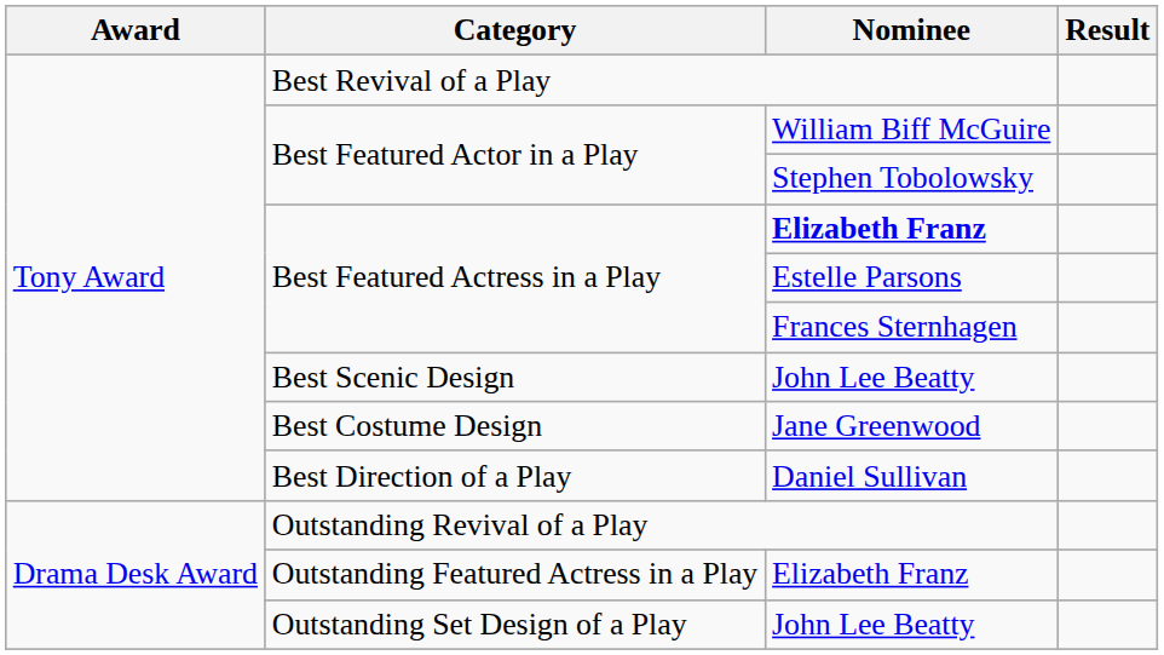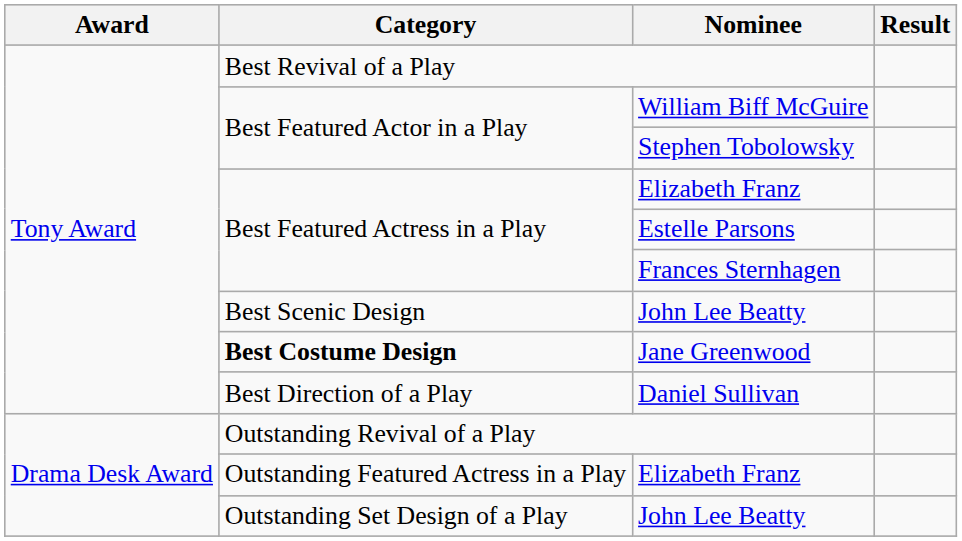 <table class=wikitable>
 <tr>
 <th scope=col>Award</th>
 <th scope=col>Category</th>
 <th scope=col>Nominee</th>
 <th scope=col>Result</th>
 </tr>
 <tr>
 <td rowspan=9><a href='#'>Tony Award</a></td>
 <td colspan=2>Best Revival of a Play</td>
 <td></td>
 </tr>
 <tr>
 <td rowspan=2>Best Featured Actor in a Play</td>
 <td><a href='#'>William Biff McGuire</a></td>
 <td></td>
 </tr>
 <tr>
 <td><a href='#'>Stephen Tobolowsky</a></td>
 <td></td>
 </tr>
 <tr>
 <td rowspan=3>Best Featured Actress in a Play</td>
-<td><strong><a href='#'>Elizabeth Franz</a></strong></td>
+<td><a href='#'>Elizabeth Franz</a></td>
 <td></td>
 </tr>
 <tr>
 <td><a href='#'>Estelle Parsons</a></td>
 <td></td>
 </tr>
 <tr>
 <td><a href='#'>Frances Sternhagen</a></td>
 <td></td>
 </tr>
 <tr>
 <td>Best Scenic Design</td>
 <td><a href='#'>John Lee Beatty</a></td>
 <td></td>
 </tr>
 <tr>
-<td>Best Costume Design</td>
+<td><strong>Best Costume Design</strong></td>
 <td><a href='#'>Jane Greenwood</a></td>
 <td></td>
 </tr>
 <tr>
 <td>Best Direction of a Play</td>
 <td><a href='#'>Daniel Sullivan</a></td>
 <td></td>
 </tr>
 <tr>
 <td rowspan=3><a href='#'>Drama Desk Award</a></td>
 <td colspan=2>Outstanding Revival of a Play</td>
 <td></td>
 </tr>
 <tr>
 <td>Outstanding Featured Actress in a Play</td>
 <td><a href='#'>Elizabeth Franz</a></td>
 <td></td>
 </tr>
 <tr>
 <td>Outstanding Set Design of a Play</td>
 <td><a href='#'>John Lee Beatty</a></td>
 <td></td>
 </tr>
 </table>
